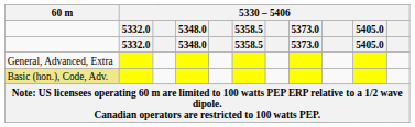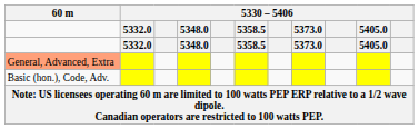 <table class="wikitable" style="font-size:70%">
 <tr>
 <th width=120px>60 m</th>
 <th colspan=14>5330 – 5406</th>
 </tr>
 <tr>
 <td></td>
 <th width= 20px>5332.0</th>
 <th width= 20px></th>
 <th width= 20px>5348.0</th>
 <th width= 20px></th>
 <th width= 20px>5358.5</th>
 <th width= 20px></th>
 <th width= 20px>5373.0</th>
 <th width= 20px></th>
 <th width= 20px>5405.0</th>
 <th width= 20px></th>
 </tr>
 <tr>
 <td></td>
 <th width= 20px>5332.0</th>
 <th width= 13px></th>
 <th width= 20px>5348.0</th>
 <th width= 17px></th>
 <th width= 20px>5358.5</th>
 <th width= 13px></th>
 <th width= 20px>5373.0</th>
 <th width= 29px></th>
 <th width= 20px>5405.0</th>
 <th width= 20px></th>
 </tr>
 <tr>
-<td>General, Advanced, Extra</td>
+<td style="background: lightsalmon;">General, Advanced, Extra</td>
 <td style="background-color: yellow"></td>
 <td></td>
 <td style="background-color: yellow"></td>
 <td></td>
 <td style="background-color: yellow"></td>
 <td></td>
 <td style="background-color: yellow"></td>
 <td></td>
 <td style="background-color: yellow"></td>
 <td></td>
 </tr>
 <tr>
-<td style="background: khaki;">Basic (hon.), Code, Adv.</td>
+<td>Basic (hon.), Code, Adv.</td>
 <td style="background-color: yellow"></td>
 <td></td>
 <td style="background-color: yellow"></td>
 <td></td>
 <td style="background-color: yellow"></td>
 <td></td>
 <td style="background-color: yellow"></td>
 <td></td>
 <td style="background-color: yellow"></td>
 <td></td>
 </tr>
 <tr>
 <th colspan=14>Note: US licensees operating 60 m are limited to 100 watts PEP ERP relative to a 1/2 wave dipole.<br>Canadian operators are restricted to 100 watts PEP.</th>
 </tr>
 </table>
